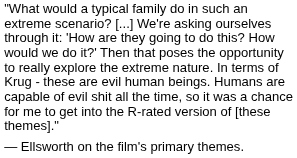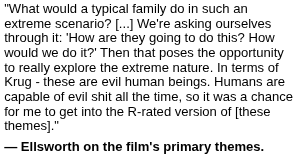 <table class="toccolours" style="float: right; margin-left: 1em; margin-right: 2em; font-size: 95%; color:black; width:32em; max-width: 40%;" cellspacing="5">
 <tr>
 <td style="text-align: left;">"What would a typical family do in such an extreme scenario? [...] We're asking ourselves through it: 'How are they going to do this? How would we do it?' Then that poses the opportunity to really explore the extreme nature. In terms of Krug - these are evil human beings. Humans are capable of evil shit all the time, so it was a chance for me to get into the R-rated version of [these themes]."</td>
 </tr>
 <tr>
-<td style="text-align: left;">— Ellsworth on the film's primary themes.</td>
+<td style="text-align: left;"><strong>— Ellsworth on the film's primary themes.</strong></td>
 </tr>
 </table>
